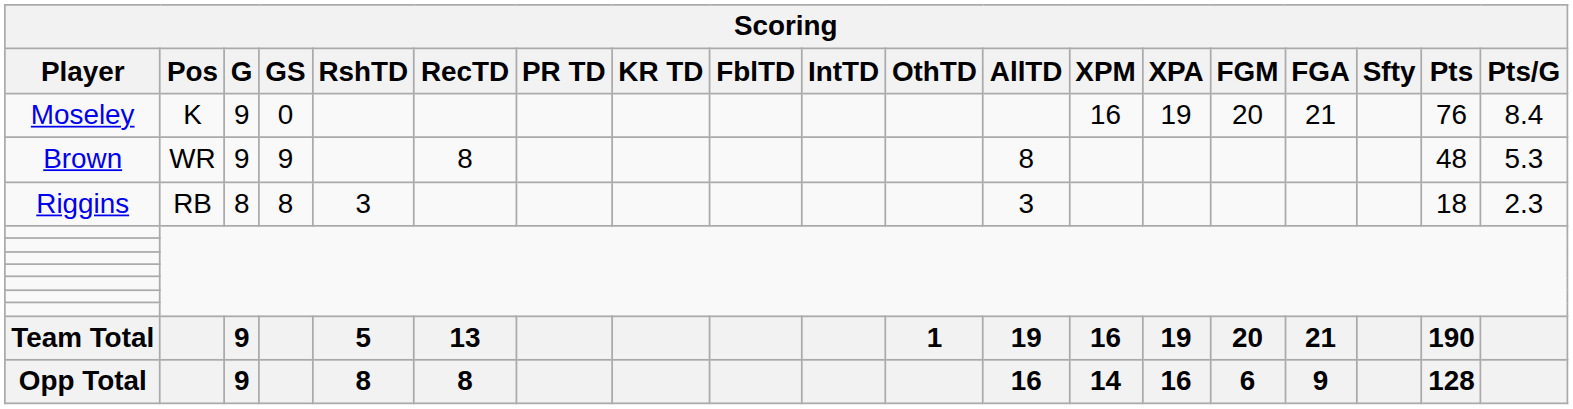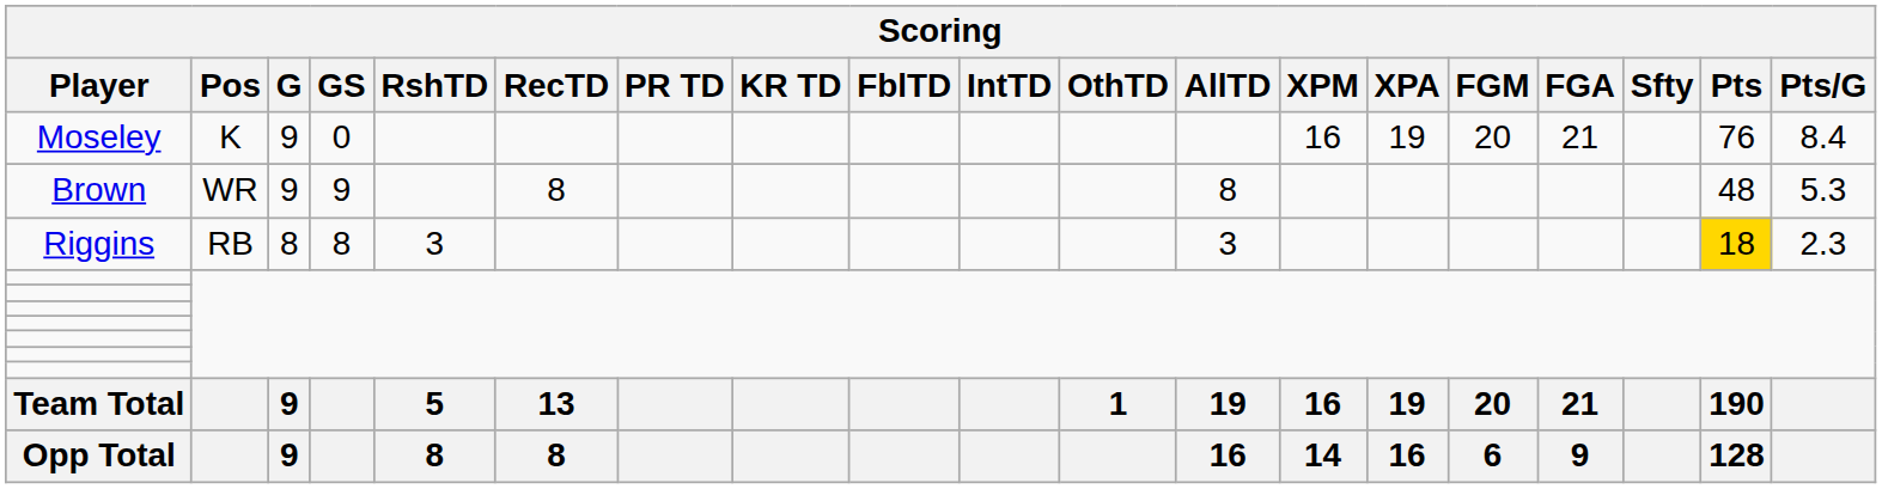 <table class="wikitable" style="text-align:center">
 <tr>
 <th colspan="19">Scoring</th>
 </tr>
 <tr>
 <th>Player</th>
 <th>Pos</th>
 <th>G</th>
 <th>GS</th>
 <th>RshTD</th>
 <th>RecTD</th>
 <th>PR TD</th>
 <th>KR TD</th>
 <th>FblTD</th>
 <th>IntTD</th>
 <th>OthTD</th>
 <th>AllTD</th>
 <th>XPM</th>
 <th>XPA</th>
 <th>FGM</th>
 <th>FGA</th>
 <th>Sfty</th>
 <th>Pts</th>
 <th>Pts/G</th>
 </tr>
 <tr>
 <td><a href='#'>Moseley</a></td>
 <td>K</td>
 <td>9</td>
 <td>0</td>
 <td></td>
 <td></td>
 <td></td>
 <td></td>
 <td></td>
 <td></td>
 <td></td>
 <td></td>
 <td>16</td>
 <td>19</td>
 <td>20</td>
 <td>21</td>
 <td></td>
 <td>76</td>
 <td>8.4</td>
 </tr>
 <tr>
 <td><a href='#'>Brown</a></td>
 <td>WR</td>
 <td>9</td>
 <td>9</td>
 <td></td>
 <td>8</td>
 <td></td>
 <td></td>
 <td></td>
 <td></td>
 <td></td>
 <td>8</td>
 <td></td>
 <td></td>
 <td></td>
 <td></td>
 <td></td>
 <td>48</td>
 <td>5.3</td>
 </tr>
 <tr>
 <td><a href='#'>Riggins</a></td>
 <td>RB</td>
 <td>8</td>
 <td>8</td>
 <td>3</td>
 <td></td>
 <td></td>
 <td></td>
 <td></td>
 <td></td>
 <td></td>
 <td>3</td>
 <td></td>
 <td></td>
 <td></td>
 <td></td>
 <td></td>
-<td>18</td>
+<td style="background: gold;">18</td>
 <td>2.3</td>
 </tr>
 <tr>
 <td></td>
 </tr>
 <tr>
 <td></td>
 </tr>
 <tr>
 <td></td>
 </tr>
 <tr>
 <td></td>
 </tr>
 <tr>
 <td></td>
 </tr>
 <tr>
 <td></td>
 </tr>
 <tr>
 <td></td>
 </tr>
 <tr>
 <th>Team Total</th>
 <th></th>
 <th>9</th>
 <th></th>
 <th>5</th>
 <th>13</th>
 <th></th>
 <th></th>
 <th></th>
 <th></th>
 <th>1</th>
 <th>19</th>
 <th>16</th>
 <th>19</th>
 <th>20</th>
 <th>21</th>
 <th></th>
 <th>190</th>
 <th></th>
 </tr>
 <tr>
 <th>Opp Total</th>
 <th></th>
 <th>9</th>
 <th></th>
 <th>8</th>
 <th>8</th>
 <th></th>
 <th></th>
 <th></th>
 <th></th>
 <th></th>
 <th>16</th>
 <th>14</th>
 <th>16</th>
 <th>6</th>
 <th>9</th>
 <th></th>
 <th>128</th>
 <th></th>
 </tr>
 </table>
